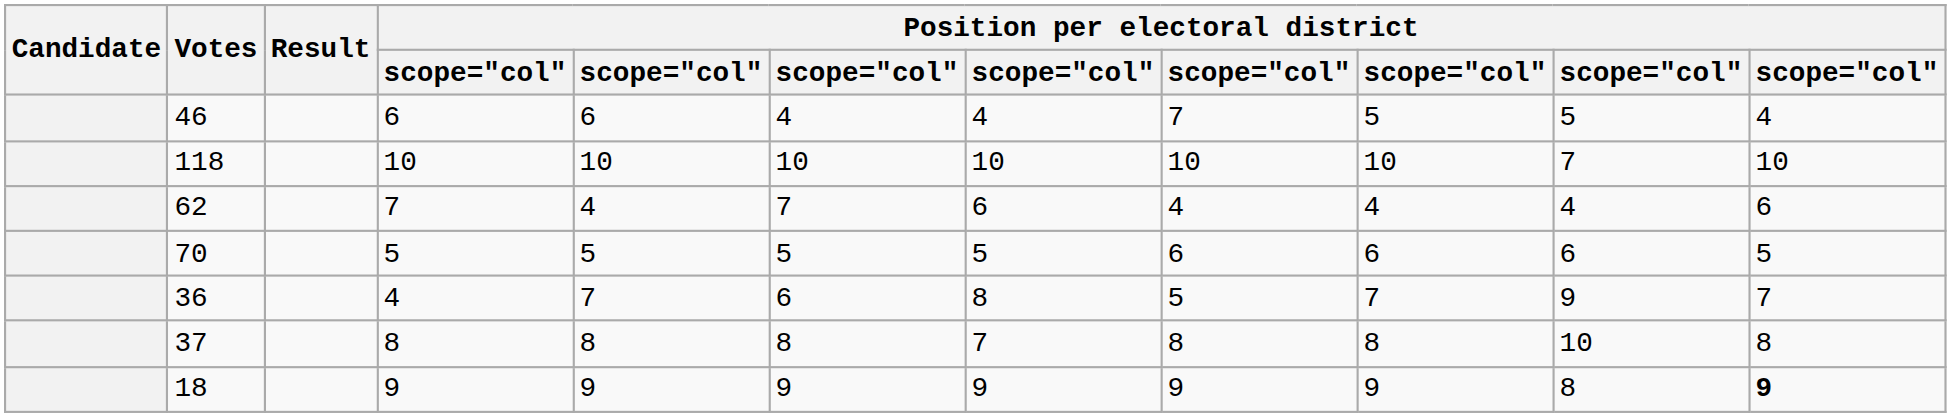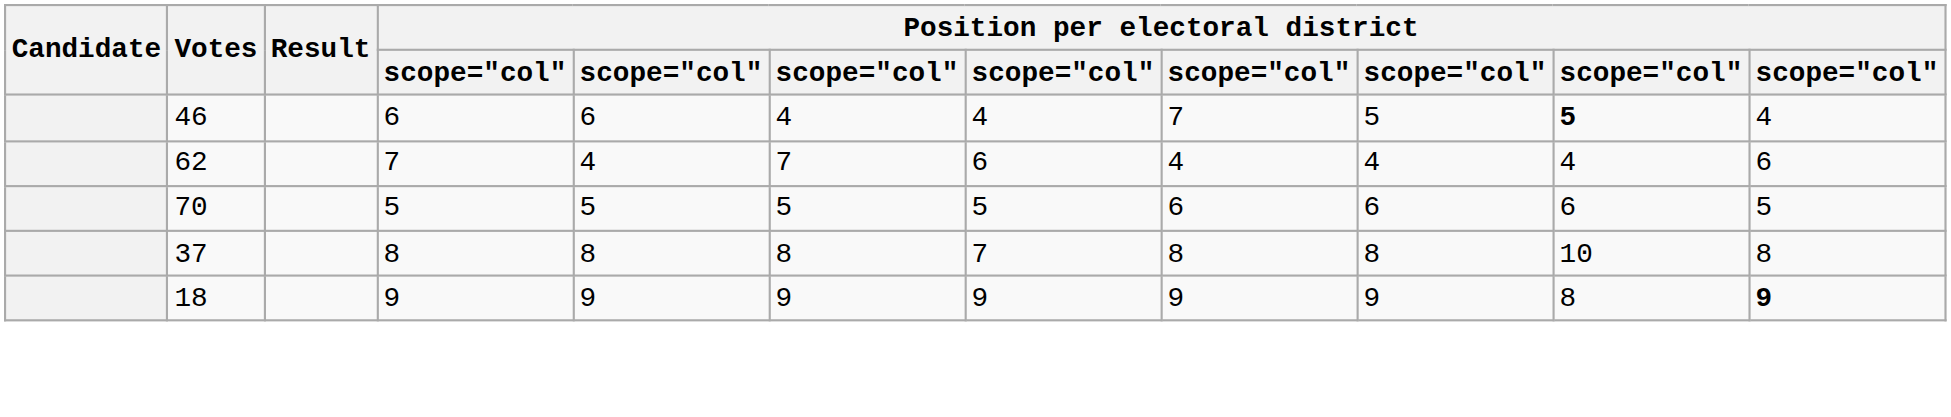 <table class="wikitable sortable defaultright col3left">
 <tr>
 <th scope="col" rowspan="2">Candidate</th>
 <th scope="col" rowspan="2">Votes</th>
 <th scope="col" rowspan="2">Result</th>
 <th scope="col" colspan="8">Position per electoral district</th>
 </tr>
 <tr>
 <th>scope="col" </th>
 <th>scope="col" </th>
 <th>scope="col" </th>
 <th>scope="col" </th>
 <th>scope="col" </th>
 <th>scope="col" </th>
 <th>scope="col" </th>
 <th>scope="col" </th>
 </tr>
 <tr>
 <th scope="row"></th>
 <td>46</td>
 <td></td>
 <td>6</td>
 <td>6</td>
 <td>4</td>
 <td>4</td>
 <td>7</td>
 <td>5</td>
-<td>5</td>
+<td><strong>5</strong></td>
 <td>4</td>
-</tr>
-<tr>
-<th scope="row"></th>
-<td>118</td>
-<td></td>
-<td>10</td>
-<td>10</td>
-<td>10</td>
-<td>10</td>
-<td>10</td>
-<td>10</td>
-<td>7</td>
-<td>10</td>
 </tr>
 <tr>
 <th scope="row"></th>
 <td>62</td>
 <td></td>
 <td>7</td>
 <td>4</td>
 <td>7</td>
 <td>6</td>
 <td>4</td>
 <td>4</td>
 <td>4</td>
 <td>6</td>
 </tr>
 <tr>
 <th scope="row"></th>
 <td>70</td>
 <td></td>
 <td>5</td>
 <td>5</td>
 <td>5</td>
 <td>5</td>
 <td>6</td>
 <td>6</td>
 <td>6</td>
 <td>5</td>
 </tr>
 <tr>
 <th scope="row"></th>
-<td>36</td>
-<td></td>
-<td>4</td>
-<td>7</td>
-<td>6</td>
-<td>8</td>
-<td>5</td>
-<td>7</td>
-<td>9</td>
-<td>7</td>
-</tr>
-<tr>
-<th scope="row"></th>
 <td>37</td>
 <td></td>
 <td>8</td>
 <td>8</td>
 <td>8</td>
 <td>7</td>
 <td>8</td>
 <td>8</td>
 <td>10</td>
 <td>8</td>
 </tr>
 <tr>
 <th scope="row"></th>
 <td>18</td>
 <td></td>
 <td>9</td>
 <td>9</td>
 <td>9</td>
 <td>9</td>
 <td>9</td>
 <td>9</td>
 <td>8</td>
 <td><strong>9</strong></td>
 </tr>
 </table>
